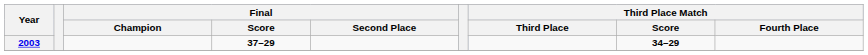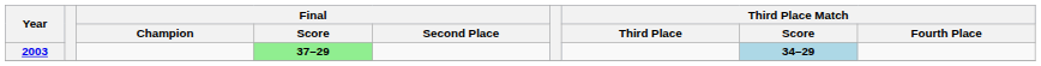 <table class="wikitable" style="font-size:90%;" width=100%>
 <tr bgcolor=#C1D8FF>
 <th rowspan=2 width=5%>Year</th>
 <th width=1% rowspan=3 bgcolor=ffffff></th>
 <th colspan=3>Final</th>
 <th width=1% rowspan=3 bgcolor=ffffff></th>
 <th colspan=3>Third Place Match</th>
 </tr>
 <tr bgcolor=#EFEFEF>
 <th width=15%>Champion</th>
 <th width=10%>Score</th>
 <th width=15%>Second Place</th>
 <th width=15%>Third Place</th>
 <th width=10%>Score</th>
 <th width=15%>Fourth Place</th>
 </tr>
 <tr align=center>
 <th><a href='#'>2003</a></th>
 <td><strong></strong></td>
-<td><strong>37–29</strong></td>
+<td style="background: lightgreen;"><strong>37–29</strong></td>
 <td><strong></strong></td>
 <td></td>
-<td><strong>34–29</strong></td>
+<td style="background: lightblue;"><strong>34–29</strong></td>
 <td></td>
 </tr>
 <tr>
 </tr>
 </table>
